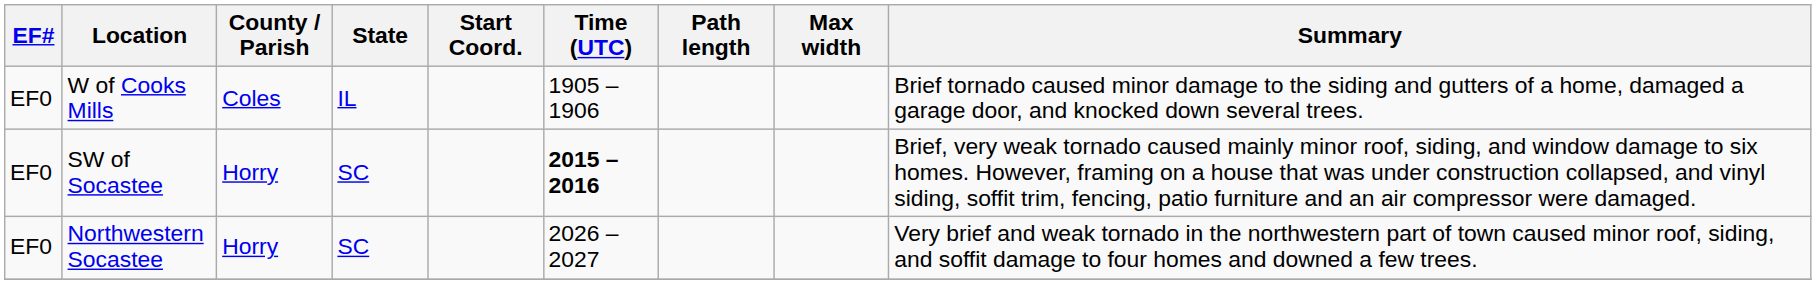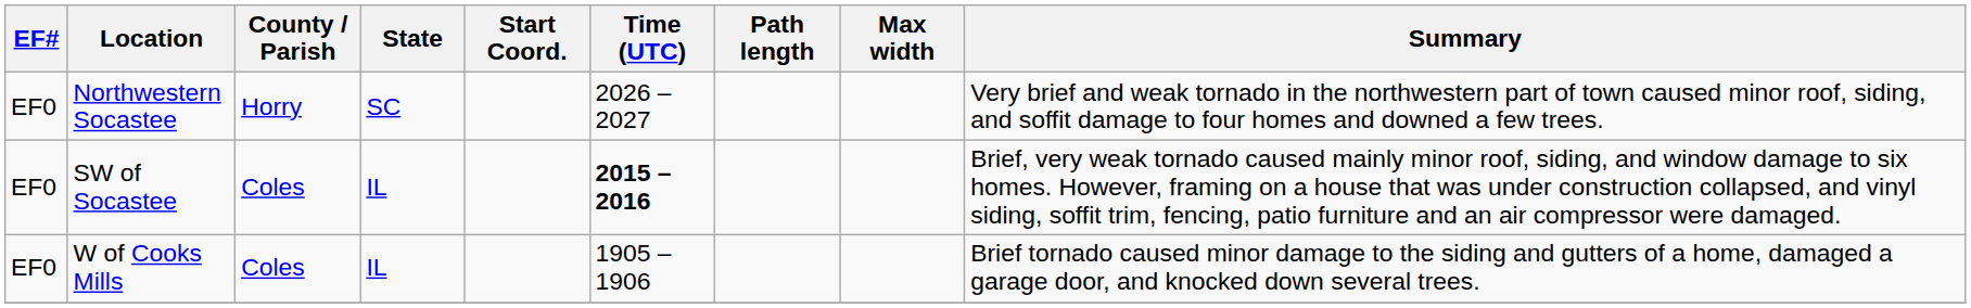 <table class="wikitable sortable" style="width:100%;">
 <tr>
 <th scope="col" width="3%" align="center"><a href='#'>EF#</a></th>
 <th scope="col" width="7%" align="center" class="unsortable">Location</th>
 <th scope="col" width="6%" align="center" class="unsortable">County / Parish</th>
 <th scope="col" width="5%" align="center">State</th>
 <th scope="col" width="6%" align="center">Start Coord.</th>
 <th scope="col" width="6%" align="center">Time (<a href='#'>UTC</a>)</th>
 <th scope="col" width="6%" align="center">Path length</th>
 <th scope="col" width="6%" align="center">Max width</th>
 <th scope="col" width="48%" class="unsortable" align="center">Summary</th>
 </tr>
 <tr>
 <td>EF0</td>
+<td><a href='#'>Northwestern Socastee</a></td>
+<td><a href='#'>Horry</a></td>
+<td><a href='#'>SC</a></td>
+<td></td>
+<td>2026 – 2027</td>
+<td></td>
+<td></td>
+<td>Very brief and weak tornado in the northwestern part of town caused minor roof, siding, and soffit damage to four homes and downed a few trees.</td>
+</tr>
+<tr>
+<td>EF0</td>
+<td>SW of <a href='#'>Socastee</a></td>
+<td><a href='#'>Coles</a></td>
+<td><a href='#'>IL</a></td>
+<td></td>
+<td><strong>2015 – 2016</strong></td>
+<td></td>
+<td></td>
+<td>Brief, very weak tornado caused mainly minor roof, siding, and window damage to six homes. However, framing on a house that was under construction collapsed, and vinyl siding, soffit trim, fencing, patio furniture and an air compressor were damaged.</td>
+</tr>
+<tr>
+<td>EF0</td>
 <td>W of <a href='#'>Cooks Mills</a></td>
 <td><a href='#'>Coles</a></td>
 <td><a href='#'>IL</a></td>
 <td></td>
 <td>1905 – 1906</td>
 <td></td>
 <td></td>
 <td>Brief tornado caused minor damage to the siding and gutters of a home, damaged a garage door, and knocked down several trees.</td>
 </tr>
 <tr>
-<td>EF0</td>
-<td>SW of <a href='#'>Socastee</a></td>
-<td><a href='#'>Horry</a></td>
-<td><a href='#'>SC</a></td>
-<td></td>
-<td><strong>2015 – 2016</strong></td>
-<td></td>
-<td></td>
-<td>Brief, very weak tornado caused mainly minor roof, siding, and window damage to six homes. However, framing on a house that was under construction collapsed, and vinyl siding, soffit trim, fencing, patio furniture and an air compressor were damaged.</td>
-</tr>
-<tr>
-<td>EF0</td>
-<td><a href='#'>Northwestern Socastee</a></td>
-<td><a href='#'>Horry</a></td>
-<td><a href='#'>SC</a></td>
-<td></td>
-<td>2026 – 2027</td>
-<td></td>
-<td></td>
-<td>Very brief and weak tornado in the northwestern part of town caused minor roof, siding, and soffit damage to four homes and downed a few trees.</td>
-</tr>
-<tr>
 </tr>
 </table>
